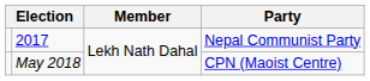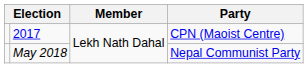 <table class="wikitable">
 <tr>
 <th colspan="2">Election</th>
 <th>Member</th>
 <th>Party</th>
 </tr>
 <tr>
 <td style="background-color:"></td>
 <td><a href='#'>2017</a></td>
 <td rowspan="2">Lekh Nath Dahal</td>
-<td><a href='#'>Nepal Communist Party</a></td>
+<td><a href='#'>CPN (Maoist Centre)</a></td>
 </tr>
 <tr>
 <td style="background-color:"></td>
 <td><em>May 2018</em></td>
-<td><a href='#'>CPN (Maoist Centre)</a></td>
+<td><a href='#'>Nepal Communist Party</a></td>
 </tr>
 </table>
